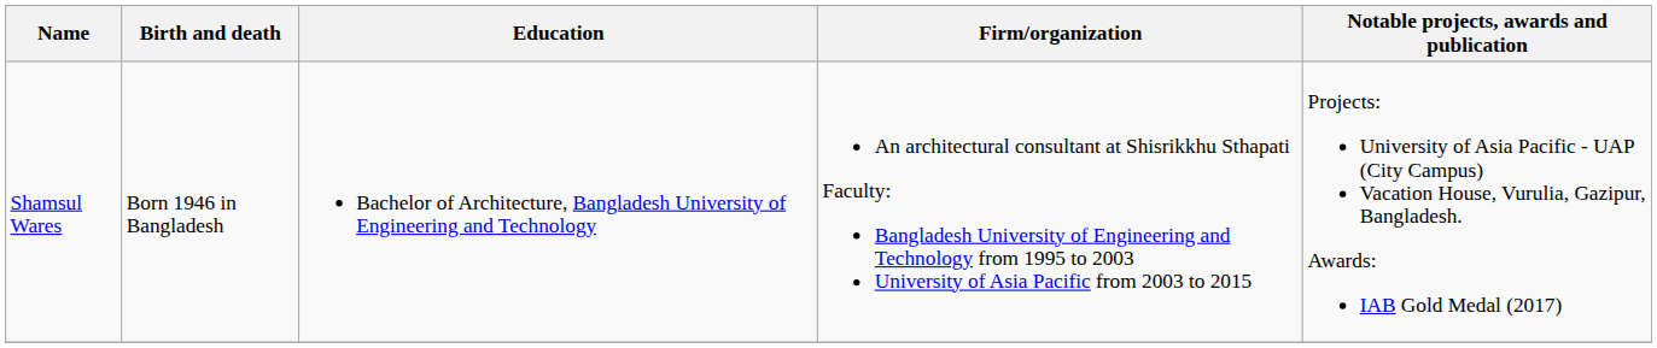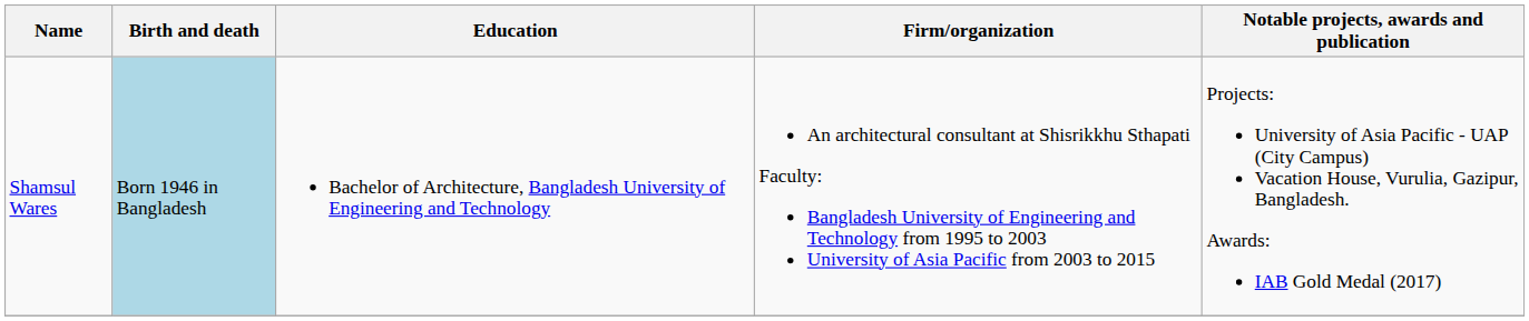 <table class="wikitable" width="100%">
 <tr bgcolor="#efefef">
 <th>Name</th>
 <th>Birth and death</th>
 <th>Education</th>
 <th>Firm/organization</th>
 <th>Notable projects, awards and publication</th>
 </tr>
 <tr>
 <td><br><a href='#'>Shamsul Wares</a></td>
-<td><br>Born 1946 in Bangladesh</td>
+<td style="background: lightblue;"><br>Born 1946 in Bangladesh</td>
 <td><br><ul><li>Bachelor of Architecture, <a href='#'>Bangladesh University of Engineering and Technology</a></li></ul></td>
 <td><br><ul><li>An architectural consultant at Shisrikkhu Sthapati</li></ul>Faculty:<ul><li><a href='#'>Bangladesh University of Engineering and Technology</a> from 1995 to 2003</li><li><a href='#'>University of Asia Pacific</a> from 2003 to 2015</li></ul></td>
 <td><br>Projects:<ul><li>University of Asia Pacific - UAP (City Campus)</li><li>Vacation House, Vurulia, Gazipur, Bangladesh.</li></ul>Awards:<ul><li><a href='#'>IAB</a> Gold Medal (2017)</li></ul></td>
 </tr>
 <tr>
 </tr>
 </table>
